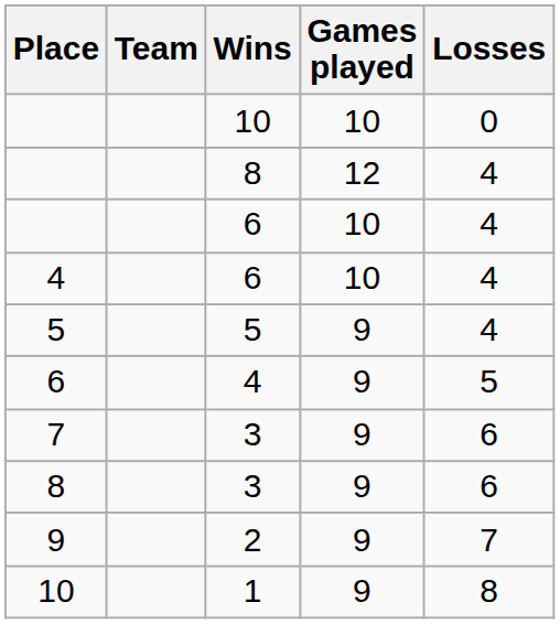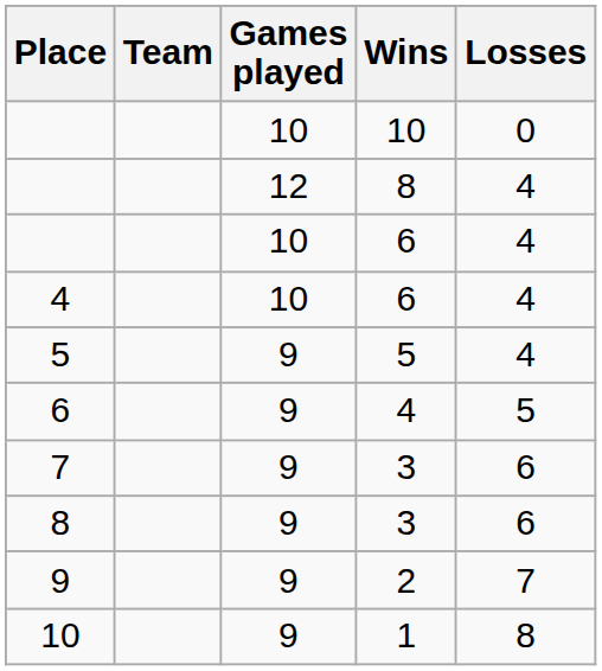 <table class="wikitable" style="text-align:center;">
 <tr>
 <th>Place</th>
 <th>Team</th>
+<th>Games<br>played</th>
 <th>Wins</th>
-<th>Games<br>played</th>
 <th>Losses</th>
 </tr>
 <tr>
 <td></td>
 <td align=left></td>
 <td>10</td>
 <td>10</td>
 <td>0</td>
 </tr>
 <tr>
 <td></td>
 <td align=left></td>
+<td>12</td>
 <td>8</td>
-<td>12</td>
 <td>4</td>
 </tr>
 <tr>
 <td></td>
 <td align=left></td>
+<td>10</td>
 <td>6</td>
-<td>10</td>
 <td>4</td>
 </tr>
 <tr>
 <td>4</td>
 <td align=left></td>
+<td>10</td>
 <td>6</td>
-<td>10</td>
 <td>4</td>
 </tr>
 <tr>
 <td>5</td>
 <td align=left></td>
+<td>9</td>
 <td>5</td>
-<td>9</td>
 <td>4</td>
 </tr>
 <tr>
 <td>6</td>
 <td align=left></td>
+<td>9</td>
 <td>4</td>
-<td>9</td>
 <td>5</td>
 </tr>
 <tr>
 <td>7</td>
 <td align=left></td>
+<td>9</td>
 <td>3</td>
-<td>9</td>
 <td>6</td>
 </tr>
 <tr>
 <td>8</td>
 <td align=left></td>
+<td>9</td>
 <td>3</td>
-<td>9</td>
 <td>6</td>
 </tr>
 <tr>
 <td>9</td>
 <td align=left></td>
+<td>9</td>
 <td>2</td>
-<td>9</td>
 <td>7</td>
 </tr>
 <tr>
 <td>10</td>
 <td align=left></td>
+<td>9</td>
 <td>1</td>
-<td>9</td>
 <td>8</td>
 </tr>
 </table>
